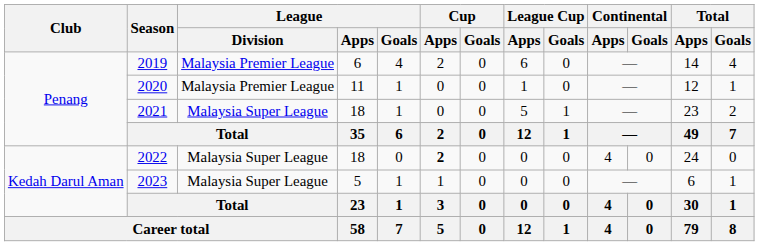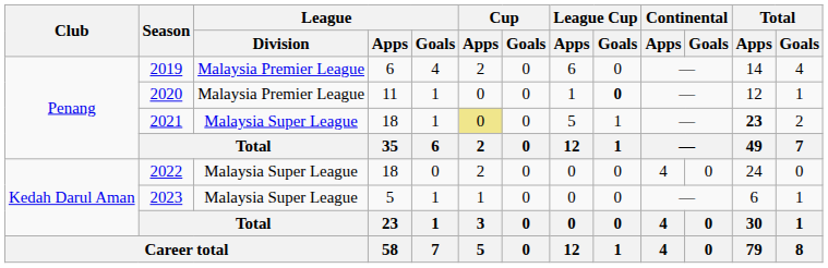 <table class=wikitable style="text-align: center">
 <tr>
 <th rowspan=2>Club</th>
 <th rowspan=2>Season</th>
 <th colspan=3>League</th>
 <th colspan=2>Cup</th>
 <th colspan=2>League Cup</th>
 <th colspan=2>Continental</th>
 <th colspan=2>Total</th>
 </tr>
 <tr>
 <th>Division</th>
 <th>Apps</th>
 <th>Goals</th>
 <th>Apps</th>
 <th>Goals</th>
 <th>Apps</th>
 <th>Goals</th>
 <th>Apps</th>
 <th>Goals</th>
 <th>Apps</th>
 <th>Goals</th>
 </tr>
 <tr>
 <td rowspan=4><a href='#'>Penang</a></td>
 <td><a href='#'>2019</a></td>
 <td><a href='#'>Malaysia Premier League</a></td>
 <td>6</td>
 <td>4</td>
 <td>2</td>
 <td>0</td>
 <td>6</td>
 <td>0</td>
 <td colspan="2">—</td>
 <td>14</td>
 <td>4</td>
 </tr>
 <tr>
 <td><a href='#'>2020</a></td>
 <td>Malaysia Premier League</td>
 <td>11</td>
 <td>1</td>
 <td>0</td>
 <td>0</td>
 <td>1</td>
-<td>0</td>
+<td><strong>0</strong></td>
 <td colspan="2">—</td>
 <td>12</td>
 <td>1</td>
 </tr>
 <tr>
 <td><a href='#'>2021</a></td>
 <td><a href='#'>Malaysia Super League</a></td>
 <td>18</td>
 <td>1</td>
-<td>0</td>
+<td style="background: khaki;">0</td>
 <td>0</td>
 <td>5</td>
 <td>1</td>
 <td colspan="2">—</td>
-<td>23</td>
+<td><strong>23</strong></td>
 <td>2</td>
 </tr>
 <tr>
 <th colspan=2>Total</th>
 <th>35</th>
 <th>6</th>
 <th>2</th>
 <th>0</th>
 <th>12</th>
 <th>1</th>
 <th colspan="2">—</th>
 <th>49</th>
 <th>7</th>
 </tr>
 <tr>
 <td rowspan="3"><a href='#'>Kedah Darul Aman</a></td>
 <td><a href='#'>2022</a></td>
 <td>Malaysia Super League</td>
 <td>18</td>
 <td>0</td>
-<td><strong>2</strong></td>
+<td>2</td>
 <td>0</td>
 <td>0</td>
 <td>0</td>
 <td>4</td>
 <td>0</td>
 <td>24</td>
 <td>0</td>
 </tr>
 <tr>
 <td><a href='#'>2023</a></td>
 <td>Malaysia Super League</td>
 <td>5</td>
 <td>1</td>
 <td>1</td>
 <td>0</td>
 <td>0</td>
 <td>0</td>
 <td colspan="2">—</td>
 <td>6</td>
 <td>1</td>
 </tr>
 <tr>
 <th colspan=2>Total</th>
 <th>23</th>
 <th>1</th>
 <th>3</th>
 <th>0</th>
 <th>0</th>
 <th>0</th>
 <th>4</th>
 <th>0</th>
 <th>30</th>
 <th>1</th>
 </tr>
 <tr>
 <th colspan=3>Career total</th>
 <th>58</th>
 <th>7</th>
 <th>5</th>
 <th>0</th>
 <th>12</th>
 <th>1</th>
 <th>4</th>
 <th>0</th>
 <th>79</th>
 <th>8</th>
 </tr>
 </table>
